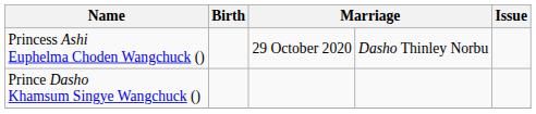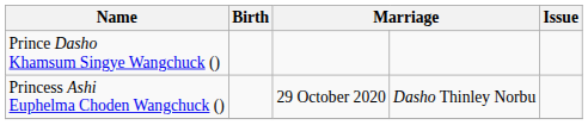 <table class="wikitable">
 <tr>
 <th>Name</th>
 <th>Birth</th>
 <th colspan="2">Marriage</th>
 <th>Issue</th>
+</tr>
+<tr>
+<td>Prince <em>Dasho</em><br><a href='#'>Khamsum Singye Wangchuck</a> ()</td>
+<td></td>
+<td></td>
+<td></td>
+<td></td>
 </tr>
 <tr>
 <td>Princess <em>Ashi</em><br><a href='#'>Euphelma Choden Wangchuck</a> ()</td>
 <td></td>
 <td>29 October 2020</td>
 <td><em>Dasho</em> Thinley Norbu</td>
 <td></td>
 </tr>
 <tr>
-<td>Prince <em>Dasho</em><br><a href='#'>Khamsum Singye Wangchuck</a> ()</td>
-<td></td>
-<td></td>
-<td></td>
-<td></td>
-</tr>
-<tr>
 </tr>
 </table>
